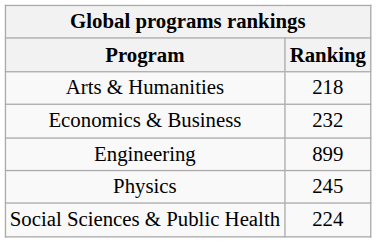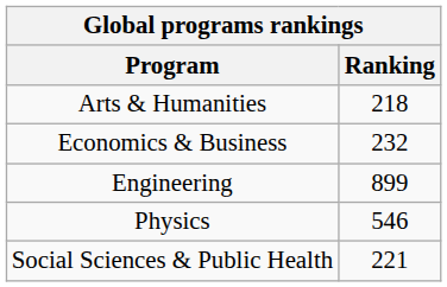 <table class="wikitable sortable collapsible collapsed" style="float:right; text-align:center">
 <tr>
 <th colspan=4>Global programs rankings</th>
 </tr>
 <tr>
 <th>Program</th>
 <th>Ranking</th>
 </tr>
 <tr>
 <td>Arts & Humanities</td>
 <td>218</td>
 </tr>
 <tr>
 <td>Economics & Business</td>
 <td>232</td>
 </tr>
 <tr>
 <td>Engineering</td>
 <td>899</td>
 </tr>
 <tr>
 <td>Physics</td>
-<td>245</td>
+<td>546</td>
 </tr>
 <tr>
 <td>Social Sciences & Public Health</td>
-<td>224</td>
+<td>221</td>
 </tr>
 </table>
